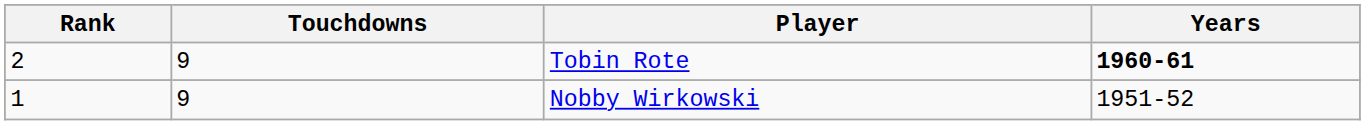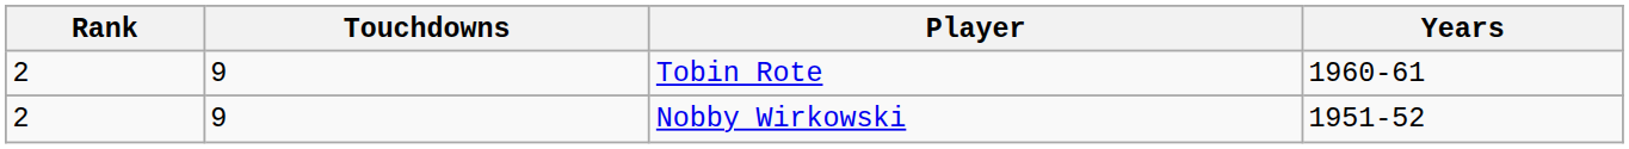 <table class="wikitable" style="width:60%;">
 <tr>
 <th>Rank</th>
 <th>Touchdowns</th>
 <th>Player</th>
 <th>Years</th>
 </tr>
 <tr>
 <td>2</td>
 <td>9</td>
 <td><a href='#'>Tobin Rote</a></td>
-<td><strong>1960-61</strong></td>
+<td>1960-61</td>
 </tr>
 <tr>
-<td>1</td>
+<td>2</td>
 <td>9</td>
 <td><a href='#'>Nobby Wirkowski</a></td>
 <td>1951-52</td>
 </tr>
 </table>
